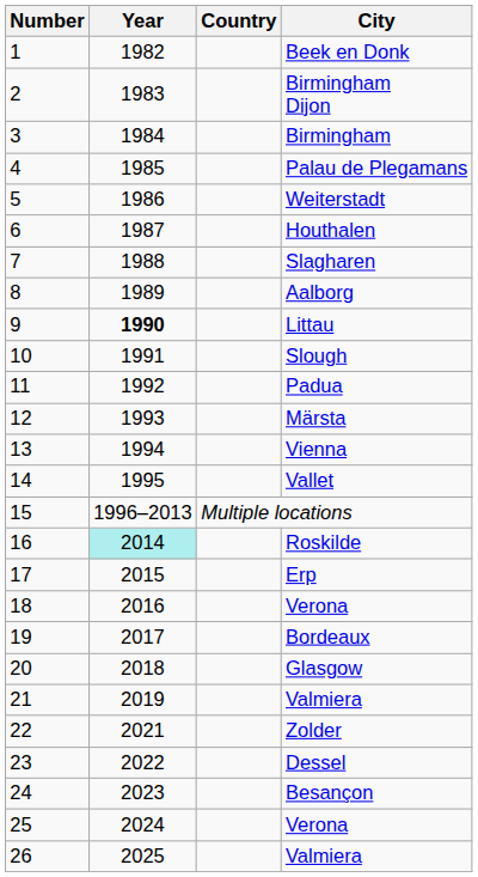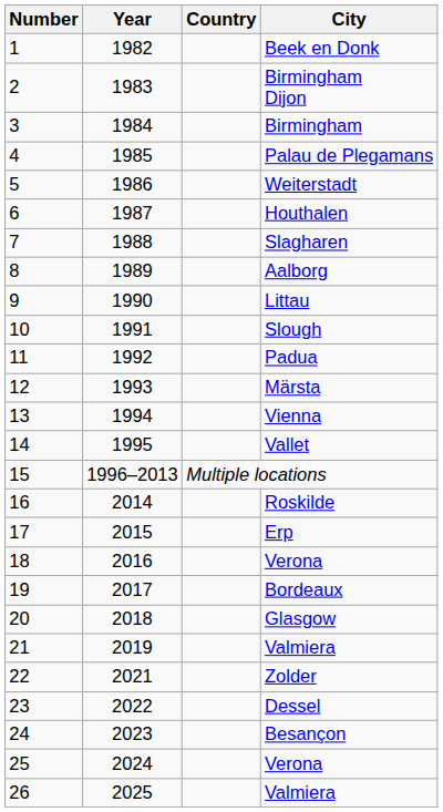 <table class="wikitable">
 <tr>
 <th>Number</th>
 <th>Year</th>
 <th>Country</th>
 <th>City</th>
 </tr>
 <tr>
 <td>1</td>
 <td align=center>1982</td>
 <td></td>
 <td><a href='#'>Beek en Donk</a></td>
 </tr>
 <tr>
 <td>2</td>
 <td align=center>1983</td>
 <td><br></td>
 <td><a href='#'>Birmingham</a><br><a href='#'>Dijon</a></td>
 </tr>
 <tr>
 <td>3</td>
 <td align=center>1984</td>
 <td></td>
 <td><a href='#'>Birmingham</a></td>
 </tr>
 <tr>
 <td>4</td>
 <td align=center>1985</td>
 <td></td>
 <td><a href='#'>Palau de Plegamans</a></td>
 </tr>
 <tr>
 <td>5</td>
 <td align=center>1986</td>
 <td></td>
 <td><a href='#'>Weiterstadt</a></td>
 </tr>
 <tr>
 <td>6</td>
 <td align=center>1987</td>
 <td></td>
 <td><a href='#'>Houthalen</a></td>
 </tr>
 <tr>
 <td>7</td>
 <td align=center>1988</td>
 <td></td>
 <td><a href='#'>Slagharen</a></td>
 </tr>
 <tr>
 <td>8</td>
 <td align=center>1989</td>
 <td></td>
 <td><a href='#'>Aalborg</a></td>
 </tr>
 <tr>
 <td>9</td>
-<td align=center><strong>1990</strong></td>
+<td align=center>1990</td>
 <td></td>
 <td><a href='#'>Littau</a></td>
 </tr>
 <tr>
 <td>10</td>
 <td align=center>1991</td>
 <td></td>
 <td><a href='#'>Slough</a></td>
 </tr>
 <tr>
 <td>11</td>
 <td align=center>1992</td>
 <td></td>
 <td><a href='#'>Padua</a></td>
 </tr>
 <tr>
 <td>12</td>
 <td align=center>1993</td>
 <td></td>
 <td><a href='#'>Märsta</a></td>
 </tr>
 <tr>
 <td>13</td>
 <td align=center>1994</td>
 <td></td>
 <td><a href='#'>Vienna</a></td>
 </tr>
 <tr>
 <td>14</td>
 <td align=center>1995</td>
 <td></td>
 <td><a href='#'>Vallet</a></td>
 </tr>
 <tr>
 <td>15</td>
 <td align=center>1996–2013</td>
 <td colspan=2><em>Multiple locations</em></td>
 </tr>
 <tr>
 <td>16</td>
-<td align=center style="background: paleturquoise;">2014</td>
+<td align=center>2014</td>
 <td></td>
 <td><a href='#'>Roskilde</a></td>
 </tr>
 <tr>
 <td>17</td>
 <td align=center>2015</td>
 <td></td>
 <td><a href='#'>Erp</a></td>
 </tr>
 <tr>
 <td>18</td>
 <td align=center>2016</td>
 <td></td>
 <td><a href='#'>Verona</a></td>
 </tr>
 <tr>
 <td>19</td>
 <td align=center>2017</td>
 <td></td>
 <td><a href='#'>Bordeaux</a></td>
 </tr>
 <tr>
 <td>20</td>
 <td align=center>2018</td>
 <td></td>
 <td><a href='#'>Glasgow</a></td>
 </tr>
 <tr>
 <td>21</td>
 <td align=center>2019</td>
 <td></td>
 <td><a href='#'>Valmiera</a></td>
 </tr>
 <tr>
 <td>22</td>
 <td align=center>2021</td>
 <td></td>
 <td><a href='#'>Zolder</a></td>
 </tr>
 <tr>
 <td>23</td>
 <td align=center>2022</td>
 <td></td>
 <td><a href='#'>Dessel</a></td>
 </tr>
 <tr>
 <td>24</td>
 <td align=center>2023</td>
 <td></td>
 <td><a href='#'>Besançon</a></td>
 </tr>
 <tr>
 <td>25</td>
 <td align=center>2024</td>
 <td></td>
 <td><a href='#'>Verona</a></td>
 </tr>
 <tr>
 <td>26</td>
 <td align=center>2025</td>
 <td></td>
 <td><a href='#'>Valmiera</a></td>
 </tr>
 </table>
